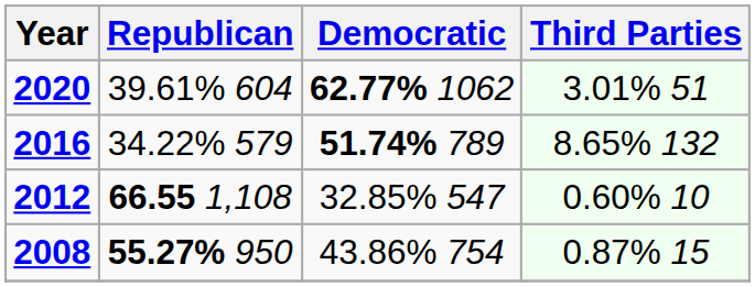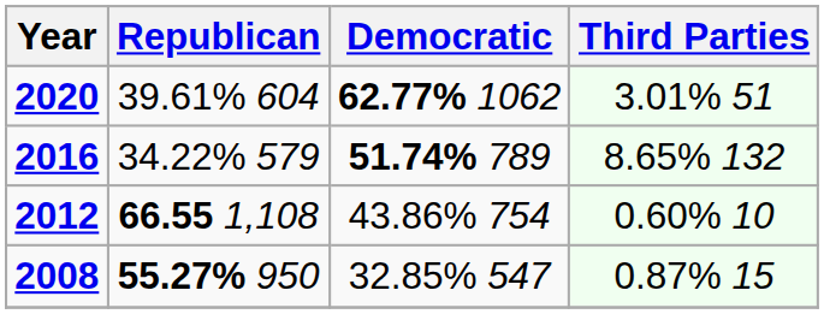 <table class="wikitable" style="float:left; margin: 1em 1em 1em 0; font-size: 95%;">
 <tr>
 <th>Year</th>
 <th><a href='#'>Republican</a></th>
 <th><a href='#'>Democratic</a></th>
 <th><a href='#'>Third Parties</a></th>
 </tr>
 <tr>
 <td style="text-align:center; "><strong><a href='#'>2020</a></strong></td>
 <td style="text-align:center; ">39.61% <em>604</em></td>
 <td style="text-align:center; "><strong>62.77%</strong> <em>1062</em></td>
 <td style="text-align:center; background:honeyDew;">3.01% <em>51</em></td>
 </tr>
 <tr>
 <td style="text-align:center; "><strong><a href='#'>2016</a></strong></td>
 <td style="text-align:center; ">34.22% <em>579</em></td>
 <td style="text-align:center; "><strong>51.74%</strong> <em>789</em></td>
 <td style="text-align:center; background:honeyDew;">8.65% <em>132</em></td>
 </tr>
 <tr>
 <td style="text-align:center; "><strong><a href='#'>2012</a></strong></td>
 <td style="text-align:center; "><strong>66.55</strong> <em>1,108</em></td>
-<td style="text-align:center; ">32.85% <em>547</em></td>
+<td style="text-align:center; ">43.86% <em>754</em></td>
 <td style="text-align:center; background:honeyDew;">0.60% <em>10</em></td>
 </tr>
 <tr>
 <td style="text-align:center; "><strong><a href='#'>2008</a></strong></td>
 <td style="text-align:center; "><strong>55.27%</strong> <em>950</em></td>
-<td style="text-align:center; ">43.86% <em>754</em></td>
+<td style="text-align:center; ">32.85% <em>547</em></td>
 <td style="text-align:center; background:honeyDew;">0.87% <em>15</em></td>
 </tr>
 <tr>
 </tr>
 </table>
